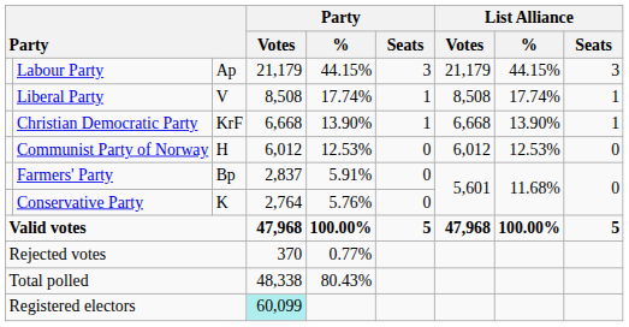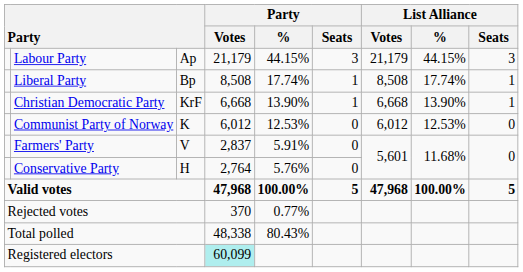 <table class="wikitable" border="1" style="text-align:right;">
 <tr>
 <th style="text-align:left;" valign=bottom rowspan=2 colspan=3>Party</th>
 <th colspan=3>Party</th>
 <th colspan=3>List Alliance</th>
 </tr>
 <tr>
 <th align=center valign=bottom width="50">Votes</th>
 <th align=center valign=bottom width="50">%</th>
 <th align=center valign=bottom width="50">Seats</th>
 <th align=center valign=bottom width="50">Votes</th>
 <th align=center valign=bottom width="50">%</th>
 <th align=center valign=bottom width="50">Seats</th>
 </tr>
 <tr>
 <td style="color:inherit;background:"></td>
 <td align=left><a href='#'>Labour Party</a></td>
 <td align=left>Ap</td>
 <td>21,179</td>
 <td>44.15%</td>
 <td>3</td>
 <td>21,179</td>
 <td>44.15%</td>
 <td>3</td>
 </tr>
 <tr>
 <td style="color:inherit;background:"></td>
 <td align=left><a href='#'>Liberal Party</a></td>
-<td align=left>V</td>
+<td align=left>Bp</td>
 <td>8,508</td>
 <td>17.74%</td>
 <td>1</td>
 <td>8,508</td>
 <td>17.74%</td>
 <td>1</td>
 </tr>
 <tr>
 <td style="color:inherit;background:"></td>
 <td align=left><a href='#'>Christian Democratic Party</a></td>
 <td align=left>KrF</td>
 <td>6,668</td>
 <td>13.90%</td>
 <td>1</td>
 <td>6,668</td>
 <td>13.90%</td>
 <td>1</td>
 </tr>
 <tr>
 <td style="color:inherit;background:"></td>
 <td align=left><a href='#'>Communist Party of Norway</a></td>
-<td align=left>H</td>
+<td align=left>K</td>
 <td>6,012</td>
 <td>12.53%</td>
 <td>0</td>
 <td>6,012</td>
 <td>12.53%</td>
 <td>0</td>
 </tr>
 <tr>
 <td style="color:inherit;background:"></td>
 <td align=left><a href='#'>Farmers' Party</a></td>
-<td align=left>Bp</td>
+<td align=left>V</td>
 <td>2,837</td>
 <td>5.91%</td>
 <td>0</td>
 <td rowspan=2>5,601</td>
 <td rowspan=2>11.68%</td>
 <td rowspan=2>0</td>
 </tr>
 <tr>
 <td style="color:inherit;background:"></td>
 <td align=left><a href='#'>Conservative Party</a></td>
-<td align=left>K</td>
+<td align=left>H</td>
 <td>2,764</td>
 <td>5.76%</td>
 <td>0</td>
 </tr>
 <tr style="font-weight:bold">
 <td align=left colspan=3>Valid votes</td>
 <td>47,968</td>
 <td>100.00%</td>
 <td>5</td>
 <td>47,968</td>
 <td>100.00%</td>
 <td>5</td>
 </tr>
 <tr>
 <td align=left colspan=3>Rejected votes</td>
 <td>370</td>
 <td>0.77%</td>
 <td></td>
 <td></td>
 <td></td>
 <td></td>
 </tr>
 <tr>
 <td align=left colspan=3>Total polled</td>
 <td>48,338</td>
 <td>80.43%</td>
 <td></td>
 <td></td>
 <td></td>
 <td></td>
 </tr>
 <tr>
 <td align=left colspan=3>Registered electors</td>
 <td style="background: paleturquoise;">60,099</td>
 <td></td>
 <td></td>
 <td></td>
 <td></td>
 <td></td>
 </tr>
 </table>
